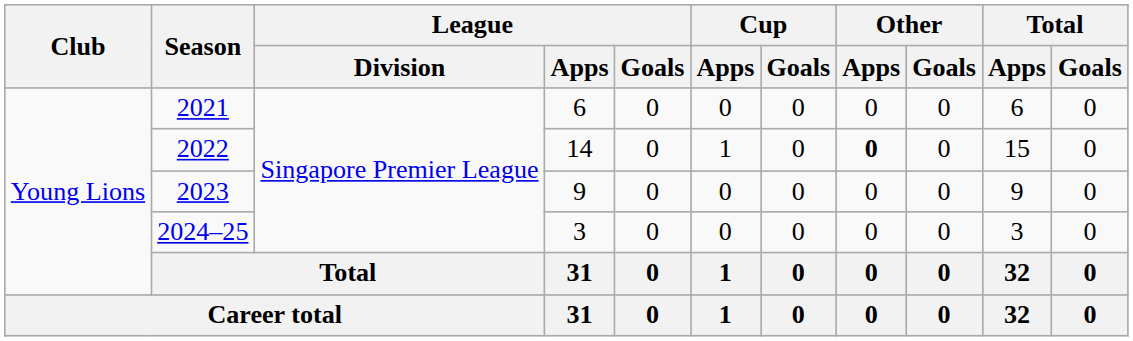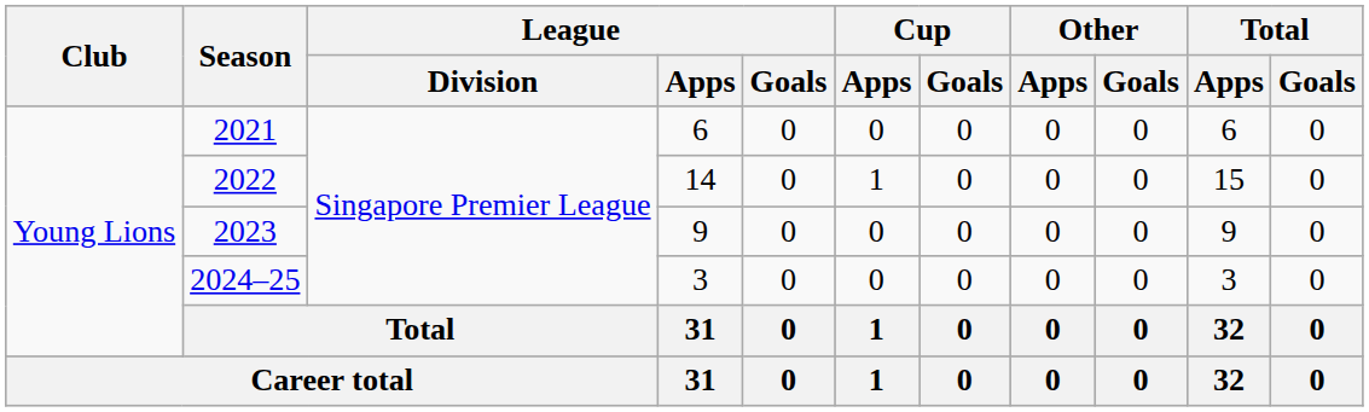 <table class="wikitable" style="text-align: center">
 <tr>
 <th rowspan="2">Club</th>
 <th rowspan="2">Season</th>
 <th colspan="3">League</th>
 <th colspan="2">Cup</th>
 <th colspan="2">Other</th>
 <th colspan="2">Total</th>
 </tr>
 <tr>
 <th>Division</th>
 <th>Apps</th>
 <th>Goals</th>
 <th>Apps</th>
 <th>Goals</th>
 <th>Apps</th>
 <th>Goals</th>
 <th>Apps</th>
 <th>Goals</th>
 </tr>
 <tr>
 <td rowspan="5"><a href='#'>Young Lions</a></td>
 <td><a href='#'>2021</a></td>
 <td rowspan="4"><a href='#'>Singapore Premier League</a></td>
 <td>6</td>
 <td>0</td>
 <td>0</td>
 <td>0</td>
 <td>0</td>
 <td>0</td>
 <td>6</td>
 <td>0</td>
 </tr>
 <tr>
 <td><a href='#'>2022</a></td>
 <td>14</td>
 <td>0</td>
 <td>1</td>
 <td>0</td>
-<td><strong>0</strong></td>
+<td>0</td>
 <td>0</td>
 <td>15</td>
 <td>0</td>
 </tr>
 <tr>
 <td><a href='#'>2023</a></td>
 <td>9</td>
 <td>0</td>
 <td>0</td>
 <td>0</td>
 <td>0</td>
 <td>0</td>
 <td>9</td>
 <td>0</td>
 </tr>
 <tr>
 <td><a href='#'>2024–25</a></td>
 <td>3</td>
 <td>0</td>
 <td>0</td>
 <td>0</td>
 <td>0</td>
 <td>0</td>
 <td>3</td>
 <td>0</td>
 </tr>
 <tr>
 <th colspan="2">Total</th>
 <th>31</th>
 <th>0</th>
 <th>1</th>
 <th>0</th>
 <th>0</th>
 <th>0</th>
 <th>32</th>
 <th>0</th>
 </tr>
 <tr>
 <th colspan="3">Career total</th>
 <th>31</th>
 <th>0</th>
 <th>1</th>
 <th>0</th>
 <th>0</th>
 <th>0</th>
 <th>32</th>
 <th>0</th>
 </tr>
 </table>
